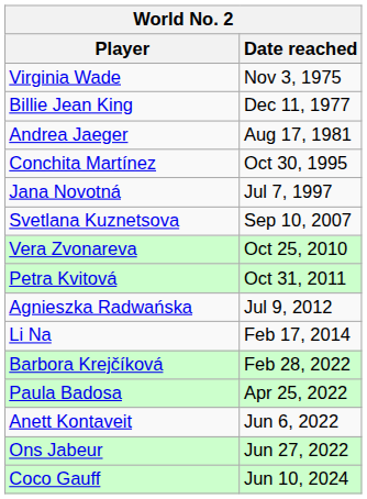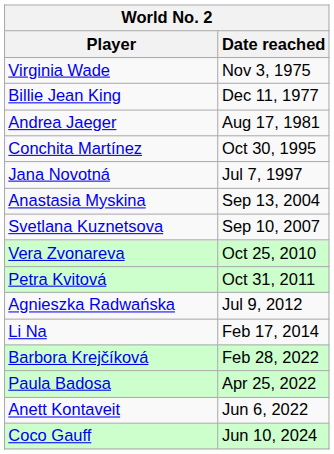 <table class="wikitable" style="display:inline-table">
 <tr>
 <th colspan=2>World No. 2</th>
 </tr>
 <tr>
 <th width="200">Player</th>
 <th>Date reached</th>
 </tr>
 <tr>
 <td> <a href='#'>Virginia Wade</a></td>
 <td>Nov 3, 1975</td>
 </tr>
 <tr>
 <td> <a href='#'>Billie Jean King</a></td>
 <td>Dec 11, 1977</td>
 </tr>
 <tr>
 <td> <a href='#'>Andrea Jaeger</a></td>
 <td>Aug 17, 1981</td>
 </tr>
 <tr>
 <td> <a href='#'>Conchita Martínez</a></td>
 <td>Oct 30, 1995</td>
 </tr>
 <tr>
 <td> <a href='#'>Jana Novotná</a></td>
 <td>Jul 7, 1997</td>
+</tr>
+<tr>
+<td> <a href='#'>Anastasia Myskina</a></td>
+<td>Sep 13, 2004</td>
 </tr>
 <tr>
 <td> <a href='#'>Svetlana Kuznetsova</a></td>
 <td>Sep 10, 2007</td>
 </tr>
 <tr bgcolor=ccffcc>
 <td> <a href='#'>Vera Zvonareva</a></td>
 <td>Oct 25, 2010</td>
 </tr>
 <tr bgcolor=ccffcc>
 <td> <a href='#'>Petra Kvitová</a></td>
 <td>Oct 31, 2011</td>
 </tr>
 <tr>
 <td> <a href='#'>Agnieszka Radwańska</a></td>
 <td>Jul 9, 2012</td>
 </tr>
 <tr>
 <td> <a href='#'>Li Na</a></td>
 <td>Feb 17, 2014</td>
 </tr>
 <tr bgcolor=ccffcc>
 <td> <a href='#'>Barbora Krejčíková</a></td>
 <td>Feb 28, 2022</td>
 </tr>
 <tr bgcolor=ccffcc>
 <td> <a href='#'>Paula Badosa</a></td>
 <td>Apr 25, 2022</td>
 </tr>
 <tr>
 <td> <a href='#'>Anett Kontaveit</a></td>
 <td>Jun 6, 2022</td>
 </tr>
 <tr bgcolor=ccffcc>
-<td> <a href='#'>Ons Jabeur</a></td>
-<td>Jun 27, 2022</td>
-</tr>
-<tr bgcolor=ccffcc>
 <td> <a href='#'>Coco Gauff</a></td>
 <td>Jun 10, 2024</td>
 </tr>
 </table>
